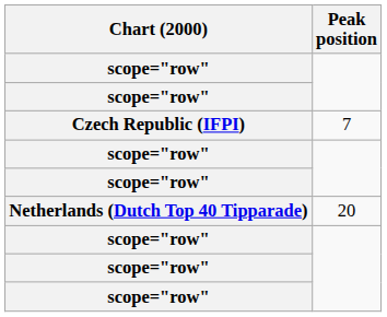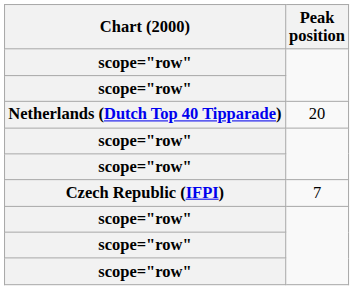 <table class="wikitable plainrowheaders sortable" style="text-align:center;">
 <tr>
 <th scope="col">Chart (2000)</th>
 <th scope="col">Peak<br>position</th>
+</tr>
+<tr>
+<th>scope="row" </th>
+</tr>
+<tr>
+<th>scope="row" </th>
+</tr>
+<tr>
+<th scope="row">Netherlands (<a href='#'>Dutch Top 40 Tipparade</a>)</th>
+<td>20</td>
 </tr>
 <tr>
 <th>scope="row" </th>
 </tr>
 <tr>
 <th>scope="row" </th>
 </tr>
 <tr>
 <th scope="row">Czech Republic (<a href='#'>IFPI</a>)</th>
 <td>7</td>
 </tr>
 <tr>
 <th>scope="row" </th>
 </tr>
 <tr>
 <th>scope="row" </th>
 </tr>
 <tr>
-<th scope="row">Netherlands (<a href='#'>Dutch Top 40 Tipparade</a>)</th>
-<td>20</td>
-</tr>
-<tr>
-<th>scope="row" </th>
-</tr>
-<tr>
-<th>scope="row" </th>
-</tr>
-<tr>
 <th>scope="row" </th>
 </tr>
 </table>
